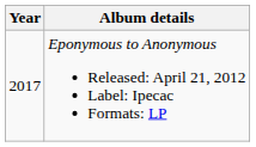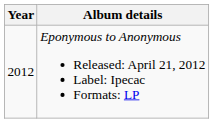 <table class="wikitable">
 <tr>
 <th>Year</th>
 <th>Album details</th>
 </tr>
 <tr>
-<td style="text-align:center;">2017</td>
+<td style="text-align:center;">2012</td>
 <td style="text-align:left;"><em>Eponymous to Anonymous</em><br><ul><li>Released: April 21, 2012</li><li>Label: Ipecac</li><li>Formats: <a href='#'>LP</a></li></ul></td>
 </tr>
 </table>
